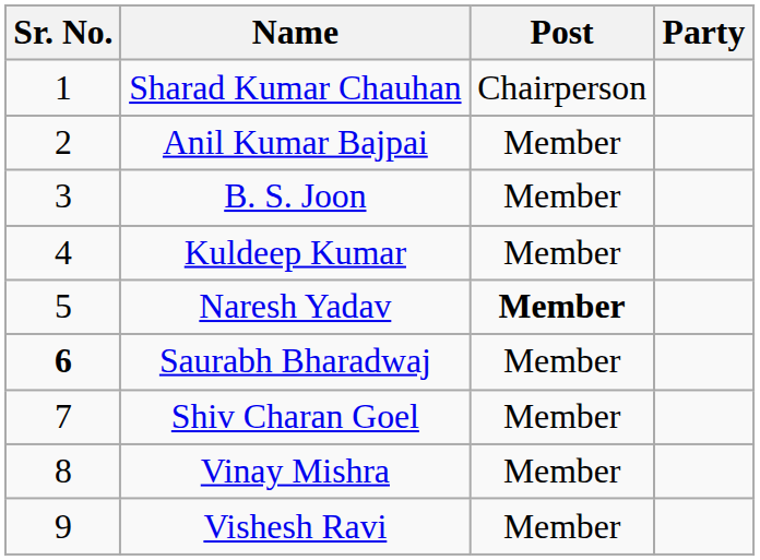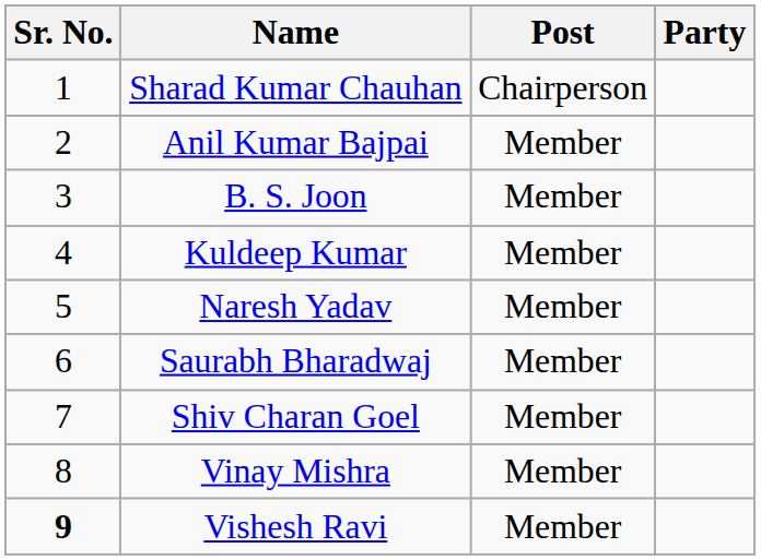 <table class="wikitable sortable">
 <tr>
 <th>Sr. No.</th>
 <th>Name</th>
 <th>Post</th>
 <th colspan="2">Party</th>
 </tr>
 <tr align="center">
 <td>1</td>
 <td><a href='#'>Sharad Kumar Chauhan</a></td>
 <td>Chairperson</td>
 <td></td>
 </tr>
 <tr align="center">
 <td>2</td>
 <td><a href='#'>Anil Kumar Bajpai</a></td>
 <td>Member</td>
 <td></td>
 </tr>
 <tr align="center">
 <td>3</td>
 <td><a href='#'>B. S. Joon</a></td>
 <td>Member</td>
 <td></td>
 </tr>
 <tr align="center">
 <td>4</td>
 <td><a href='#'>Kuldeep Kumar</a></td>
 <td>Member</td>
 <td></td>
 </tr>
 <tr align="center">
 <td>5</td>
 <td><a href='#'>Naresh Yadav</a></td>
-<td><strong>Member</strong></td>
+<td>Member</td>
 <td></td>
 </tr>
 <tr align="center">
-<td><strong>6</strong></td>
+<td>6</td>
 <td><a href='#'>Saurabh Bharadwaj</a></td>
 <td>Member</td>
 <td></td>
 </tr>
 <tr align="center">
 <td>7</td>
 <td><a href='#'>Shiv Charan Goel</a></td>
 <td>Member</td>
 <td></td>
 </tr>
 <tr align="center">
 <td>8</td>
 <td><a href='#'>Vinay Mishra</a></td>
 <td>Member</td>
 <td></td>
 </tr>
 <tr align="center">
-<td>9</td>
+<td><strong>9</strong></td>
 <td><a href='#'>Vishesh Ravi</a></td>
 <td>Member</td>
 <td></td>
 </tr>
 </table>
